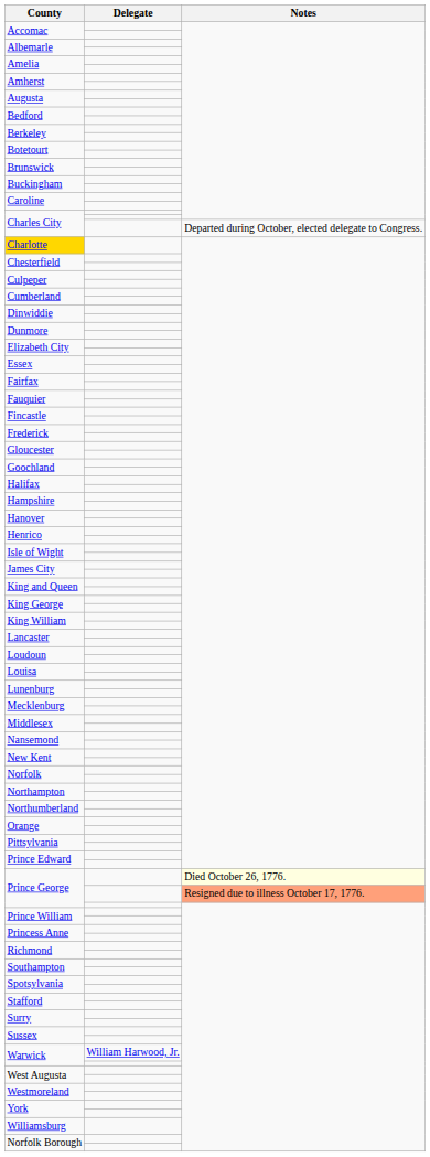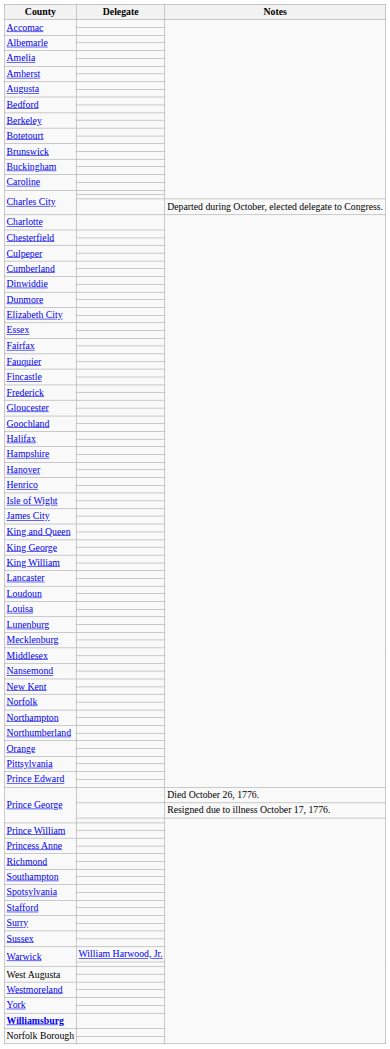 <table class="wikitable sortable">
 <tr>
 <th>County</th>
 <th>Delegate</th>
 <th>Notes</th>
 </tr>
 <tr>
 <td rowspan="2"><a href='#'>Accomac</a></td>
 <td></td>
 </tr>
 <tr>
 <td></td>
 </tr>
 <tr>
 <td rowspan="2"><a href='#'>Albemarle</a></td>
 <td></td>
 </tr>
 <tr>
 <td></td>
 </tr>
 <tr>
 <td rowspan="2"><a href='#'>Amelia</a></td>
 <td></td>
 </tr>
 <tr>
 <td></td>
 </tr>
 <tr>
 <td rowspan="2"><a href='#'>Amherst</a></td>
 <td></td>
 </tr>
 <tr>
 <td></td>
 </tr>
 <tr>
 <td rowspan="2"><a href='#'>Augusta</a></td>
 <td></td>
 </tr>
 <tr>
 <td></td>
 </tr>
 <tr>
 <td rowspan="2"><a href='#'>Bedford</a></td>
 <td></td>
 </tr>
 <tr>
 <td></td>
 </tr>
 <tr>
 <td rowspan="2"><a href='#'>Berkeley</a></td>
 <td></td>
 </tr>
 <tr>
 <td></td>
 </tr>
 <tr>
 <td rowspan="2"><a href='#'>Botetourt</a></td>
 <td></td>
 </tr>
 <tr>
 <td></td>
 </tr>
 <tr>
 <td rowspan="2"><a href='#'>Brunswick</a></td>
 <td></td>
 </tr>
 <tr>
 <td></td>
 </tr>
 <tr>
 <td rowspan="2"><a href='#'>Buckingham</a></td>
 <td></td>
 </tr>
 <tr>
 <td></td>
 </tr>
 <tr>
 <td rowspan="2"><a href='#'>Caroline</a></td>
 <td></td>
 </tr>
 <tr>
 <td></td>
 </tr>
 <tr>
 <td rowspan="3"><a href='#'>Charles City</a></td>
 <td></td>
 </tr>
 <tr>
 <td></td>
 </tr>
 <tr>
 <td></td>
 <td>Departed during October, elected delegate to Congress.</td>
 </tr>
 <tr>
-<td style="background: gold;"><a href='#'>Charlotte</a></td>
+<td><a href='#'>Charlotte</a></td>
 <td></td>
 </tr>
 <tr>
 <td rowspan="2"><a href='#'>Chesterfield</a></td>
 <td></td>
 </tr>
 <tr>
 <td></td>
 </tr>
 <tr>
 <td rowspan="2"><a href='#'>Culpeper</a></td>
 <td></td>
 </tr>
 <tr>
 <td></td>
 </tr>
 <tr>
 <td rowspan="2"><a href='#'>Cumberland</a></td>
 <td></td>
 </tr>
 <tr>
 <td></td>
 </tr>
 <tr>
 <td rowspan="2"><a href='#'>Dinwiddie</a></td>
 <td></td>
 </tr>
 <tr>
 <td></td>
 </tr>
 <tr>
 <td rowspan="2"><a href='#'>Dunmore</a></td>
 <td></td>
 </tr>
 <tr>
 <td></td>
 </tr>
 <tr>
 <td rowspan="2"><a href='#'>Elizabeth City</a></td>
 <td></td>
 </tr>
 <tr>
 <td></td>
 </tr>
 <tr>
 <td rowspan="2"><a href='#'>Essex</a></td>
 <td></td>
 </tr>
 <tr>
 <td></td>
 </tr>
 <tr>
 <td rowspan="2"><a href='#'>Fairfax</a></td>
 <td></td>
 </tr>
 <tr>
 <td></td>
 </tr>
 <tr>
 <td rowspan="2"><a href='#'>Fauquier</a></td>
 <td></td>
 </tr>
 <tr>
 <td></td>
 </tr>
 <tr>
 <td rowspan="2"><a href='#'>Fincastle</a></td>
 <td></td>
 </tr>
 <tr>
 <td></td>
 </tr>
 <tr>
 <td rowspan="2"><a href='#'>Frederick</a></td>
 <td></td>
 </tr>
 <tr>
 <td></td>
 </tr>
 <tr>
 <td rowspan="2"><a href='#'>Gloucester</a></td>
 <td></td>
 </tr>
 <tr>
 <td></td>
 </tr>
 <tr>
 <td rowspan="2"><a href='#'>Goochland</a></td>
 <td></td>
 </tr>
 <tr>
 <td></td>
 </tr>
 <tr>
 <td rowspan="2"><a href='#'>Halifax</a></td>
 <td></td>
 </tr>
 <tr>
 <td></td>
 </tr>
 <tr>
 <td rowspan="2"><a href='#'>Hampshire</a></td>
 <td></td>
 </tr>
 <tr>
 <td></td>
 </tr>
 <tr>
 <td rowspan="2"><a href='#'>Hanover</a></td>
 <td></td>
 </tr>
 <tr>
 <td></td>
 </tr>
 <tr>
 <td rowspan="2"><a href='#'>Henrico</a></td>
 <td></td>
 </tr>
 <tr>
 <td></td>
 </tr>
 <tr>
 <td rowspan="2"><a href='#'>Isle of Wight</a></td>
 <td></td>
 </tr>
 <tr>
 <td></td>
 </tr>
 <tr>
 <td rowspan="2"><a href='#'>James City</a></td>
 <td></td>
 </tr>
 <tr>
 <td></td>
 </tr>
 <tr>
 <td rowspan="2"><a href='#'>King and Queen</a></td>
 <td></td>
 </tr>
 <tr>
 <td></td>
 </tr>
 <tr>
 <td rowspan="2"><a href='#'>King George</a></td>
 <td></td>
 </tr>
 <tr>
 <td></td>
 </tr>
 <tr>
 <td rowspan="2"><a href='#'>King William</a></td>
 <td></td>
 </tr>
 <tr>
 <td></td>
 </tr>
 <tr>
 <td rowspan="2"><a href='#'>Lancaster</a></td>
 <td></td>
 </tr>
 <tr>
 <td></td>
 </tr>
 <tr>
 <td rowspan="2"><a href='#'>Loudoun</a></td>
 <td></td>
 </tr>
 <tr>
 <td></td>
 </tr>
 <tr>
 <td rowspan="2"><a href='#'>Louisa</a></td>
 <td></td>
 </tr>
 <tr>
 <td></td>
 </tr>
 <tr>
 <td rowspan="2"><a href='#'>Lunenburg</a></td>
 <td></td>
 </tr>
 <tr>
 <td></td>
 </tr>
 <tr>
 <td rowspan="2"><a href='#'>Mecklenburg</a></td>
 <td></td>
 </tr>
 <tr>
 <td></td>
 </tr>
 <tr>
 <td rowspan="2"><a href='#'>Middlesex</a></td>
 <td></td>
 </tr>
 <tr>
 <td></td>
 </tr>
 <tr>
 <td rowspan="2"><a href='#'>Nansemond</a></td>
 <td></td>
 </tr>
 <tr>
 <td></td>
 </tr>
 <tr>
 <td rowspan="2"><a href='#'>New Kent</a></td>
 <td></td>
 </tr>
 <tr>
 <td></td>
 </tr>
 <tr>
 <td rowspan="2"><a href='#'>Norfolk</a></td>
 <td></td>
 </tr>
 <tr>
 <td></td>
 </tr>
 <tr>
 <td rowspan="2"><a href='#'>Northampton</a></td>
 <td></td>
 </tr>
 <tr>
 <td></td>
 </tr>
 <tr>
 <td rowspan="2"><a href='#'>Northumberland</a></td>
 <td></td>
 </tr>
 <tr>
 <td></td>
 </tr>
 <tr>
 <td rowspan="2"><a href='#'>Orange</a></td>
 <td></td>
 </tr>
 <tr>
 <td></td>
 </tr>
 <tr>
 <td rowspan="2"><a href='#'>Pittsylvania</a></td>
 <td></td>
 </tr>
 <tr>
 <td></td>
 </tr>
 <tr>
 <td rowspan="2"><a href='#'>Prince Edward</a></td>
 <td></td>
 </tr>
 <tr>
 <td></td>
 </tr>
 <tr>
 <td rowspan="3"><a href='#'>Prince George</a></td>
 <td></td>
-<td style="background: lightyellow;">Died October 26, 1776.</td>
+<td>Died October 26, 1776.</td>
 </tr>
 <tr>
 <td></td>
-<td style="background: lightsalmon;">Resigned due to illness October 17, 1776.</td>
+<td>Resigned due to illness October 17, 1776.</td>
 </tr>
 <tr>
 <td></td>
 </tr>
 <tr>
 <td rowspan="2"><a href='#'>Prince William</a></td>
 <td></td>
 </tr>
 <tr>
 <td></td>
 </tr>
 <tr>
 <td rowspan="2"><a href='#'>Princess Anne</a></td>
 <td></td>
 </tr>
 <tr>
 <td></td>
 </tr>
 <tr>
 <td rowspan="2"><a href='#'>Richmond</a></td>
 <td></td>
 </tr>
 <tr>
 <td></td>
 </tr>
 <tr>
 <td rowspan="2"><a href='#'>Southampton</a></td>
 <td></td>
 </tr>
 <tr>
 <td></td>
 </tr>
 <tr>
 <td rowspan="2"><a href='#'>Spotsylvania</a></td>
 <td></td>
 </tr>
 <tr>
 <td></td>
 </tr>
 <tr>
 <td rowspan="2"><a href='#'>Stafford</a></td>
 <td></td>
 </tr>
 <tr>
 <td></td>
 </tr>
 <tr>
 <td rowspan="2"><a href='#'>Surry</a></td>
 <td></td>
 </tr>
 <tr>
 <td></td>
 </tr>
 <tr>
 <td rowspan="2"><a href='#'>Sussex</a></td>
 <td></td>
 </tr>
 <tr>
 <td></td>
 </tr>
 <tr>
 <td rowspan="2"><a href='#'>Warwick</a></td>
 <td data-sort-value="Harwood, William"><a href='#'>William Harwood, Jr.</a></td>
 </tr>
 <tr>
 <td></td>
 </tr>
 <tr>
 <td rowspan="2">West Augusta</td>
 <td></td>
 </tr>
 <tr>
 <td></td>
 </tr>
 <tr>
 <td rowspan="2"><a href='#'>Westmoreland</a></td>
 <td></td>
 </tr>
 <tr>
 <td></td>
 </tr>
 <tr>
 <td rowspan="2"><a href='#'>York</a></td>
 <td></td>
 </tr>
 <tr>
 <td></td>
 </tr>
 <tr>
-<td><a href='#'>Williamsburg</a></td>
+<td><strong><a href='#'>Williamsburg</a></strong></td>
 <td></td>
 </tr>
 <tr>
 <td rowspan="2">Norfolk Borough</td>
 <td></td>
 </tr>
 <tr>
 <td></td>
 </tr>
 </table>
